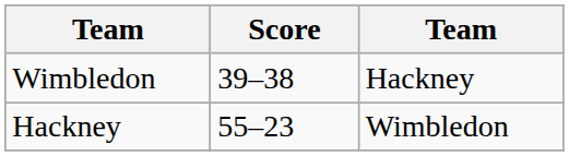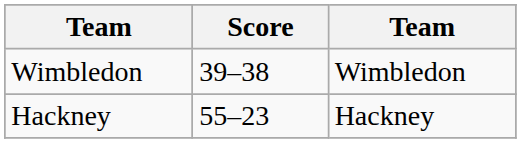 <table class="wikitable" style="font-size: 100%">
 <tr>
 <th width=100>Team</th>
 <th width=70>Score</th>
 <th width=100>Team</th>
 </tr>
 <tr>
 <td>Wimbledon</td>
 <td>39–38</td>
-<td>Hackney</td>
+<td>Wimbledon</td>
 </tr>
 <tr>
 <td>Hackney</td>
 <td>55–23</td>
-<td>Wimbledon</td>
+<td>Hackney</td>
 </tr>
 </table>
